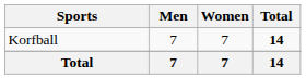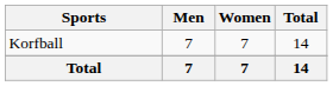 <table class="wikitable sortable" style="text-align:center;">
 <tr>
 <th width=150>Sports</th>
 <th width=45>Men</th>
 <th width=45>Women</th>
 <th width=45>Total</th>
 </tr>
 <tr>
 <td align=left>Korfball</td>
 <td>7</td>
 <td>7</td>
-<td><strong>14</strong></td>
+<td>14</td>
 </tr>
 <tr>
 </tr>
 <tr class="sortbottom">
 <th>Total</th>
 <th>7</th>
 <th>7</th>
 <th>14</th>
 </tr>
 </table>
